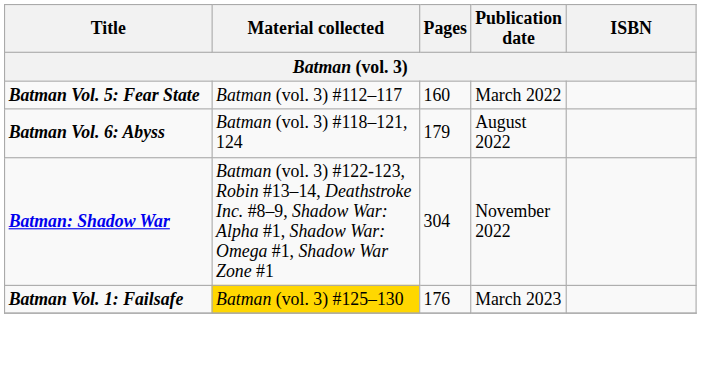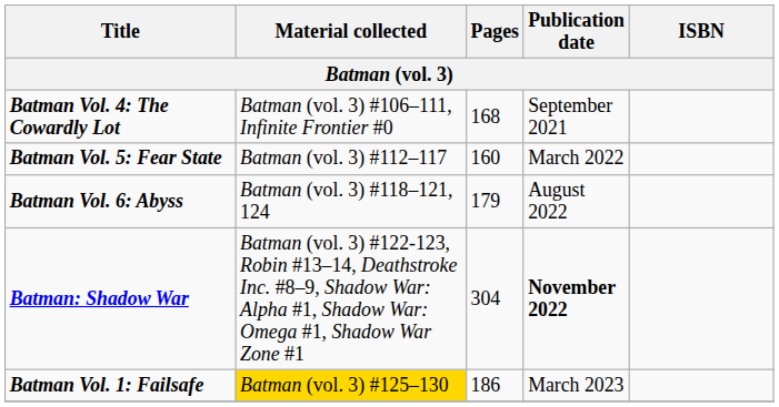 <table class="wikitable" width="100%">
 <tr>
 <th style="width:30%;">Title</th>
 <th style="width:30%;">Material collected</th>
 <th style="width:5%;">Pages</th>
 <th style="width:12%;">Publication date</th>
 <th>ISBN</th>
 </tr>
 <tr>
 <th colspan="5"><em>Batman</em> (vol. 3)</th>
+</tr>
+<tr>
+<td><strong><em>Batman Vol. 4: The Cowardly Lot</em></strong></td>
+<td><em>Batman</em> (vol. 3) #106–111, <em>Infinite Frontier</em> #0</td>
+<td>168</td>
+<td>September 2021</td>
+<td></td>
 </tr>
 <tr>
 <td><strong><em>Batman Vol. 5: Fear State</em></strong></td>
 <td><em>Batman</em> (vol. 3) #112–117</td>
 <td>160</td>
 <td>March 2022</td>
 <td></td>
 </tr>
 <tr>
 <td><strong><em>Batman Vol. 6: Abyss</em></strong></td>
 <td><em>Batman</em> (vol. 3) #118–121, 124</td>
 <td>179</td>
 <td>August 2022</td>
 <td></td>
 </tr>
 <tr>
 <td><strong><em><a href='#'>Batman: Shadow War</a></em></strong></td>
 <td><em>Batman</em> (vol. 3) #122-123, <em>Robin</em> #13–14, <em>Deathstroke Inc.</em> #8–9, <em>Shadow War: Alpha</em> #1, <em>Shadow War: Omega</em> #1, <em>Shadow War Zone</em> #1</td>
 <td>304</td>
-<td>November 2022</td>
+<td><strong>November 2022</strong></td>
 <td></td>
 </tr>
 <tr>
 <td><strong><em>Batman Vol. 1: Failsafe</em></strong></td>
 <td style="background: gold;"><em>Batman</em> (vol. 3) #125–130</td>
-<td>176</td>
+<td>186</td>
 <td>March 2023</td>
 <td></td>
 </tr>
 <tr>
 </tr>
 </table>
